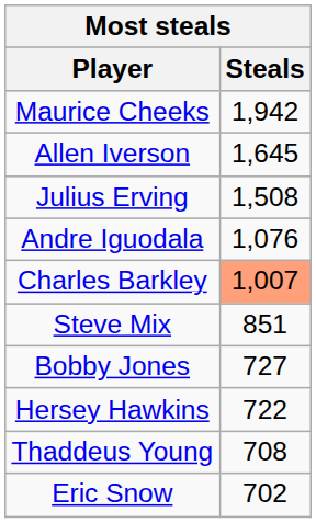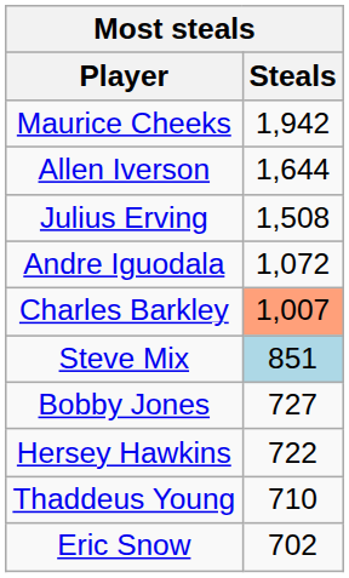 <table class="wikitable sortable" style="text-align:center">
 <tr>
 <th colspan="5" style="text-align:center; ">Most steals</th>
 </tr>
 <tr>
 <th style="text-align:center; ">Player</th>
 <th style="text-align:center; ">Steals</th>
 </tr>
 <tr>
 <td><a href='#'>Maurice Cheeks</a></td>
 <td>1,942</td>
 </tr>
 <tr>
 <td><a href='#'>Allen Iverson</a></td>
-<td>1,645</td>
+<td>1,644</td>
 </tr>
 <tr>
 <td><a href='#'>Julius Erving</a></td>
 <td>1,508</td>
 </tr>
 <tr>
 <td><a href='#'>Andre Iguodala</a></td>
-<td>1,076</td>
+<td>1,072</td>
 </tr>
 <tr>
 <td><a href='#'>Charles Barkley</a></td>
 <td style="background: lightsalmon;">1,007</td>
 </tr>
 <tr>
 <td><a href='#'>Steve Mix</a></td>
-<td>851</td>
+<td style="background: lightblue;">851</td>
 </tr>
 <tr>
 <td><a href='#'>Bobby Jones</a></td>
 <td>727</td>
 </tr>
 <tr>
 <td><a href='#'>Hersey Hawkins</a></td>
 <td>722</td>
 </tr>
 <tr>
 <td><a href='#'>Thaddeus Young</a></td>
-<td>708</td>
+<td>710</td>
 </tr>
 <tr>
 <td><a href='#'>Eric Snow</a></td>
 <td>702</td>
 </tr>
 </table>
